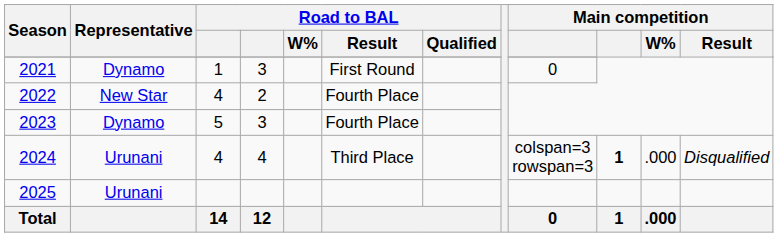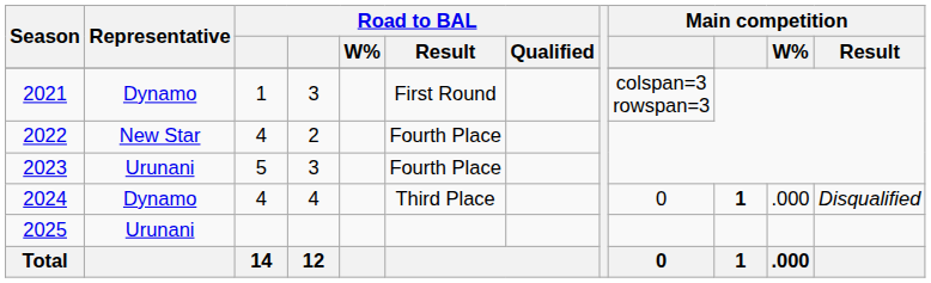 <table class="wikitable" style="text-align:center;">
 <tr>
 <th rowspan="2">Season</th>
 <th rowspan="2">Representative</th>
 <th colspan="5"><a href='#'>Road to BAL</a></th>
 <th rowspan="101"></th>
 <th colspan="4">Main competition</th>
 </tr>
 <tr>
 <th width="35"></th>
 <th width="35"></th>
 <th>W%</th>
 <th>Result</th>
 <th>Qualified</th>
 <th width="35"></th>
 <th width="35"></th>
 <th>W%</th>
 <th>Result</th>
 </tr>
 <tr>
 </tr>
 <tr>
 <td><a href='#'>2021</a></td>
 <td><a href='#'>Dynamo</a></td>
 <td>1</td>
 <td>3</td>
 <td></td>
 <td>First Round</td>
 <td></td>
-<td>0</td>
+<td>colspan=3 rowspan=3 </td>
 </tr>
 <tr>
 <td><a href='#'>2022</a></td>
 <td><a href='#'>New Star</a></td>
 <td>4</td>
 <td>2</td>
 <td></td>
 <td>Fourth Place</td>
 <td></td>
 </tr>
 <tr>
 <td><a href='#'>2023</a></td>
-<td><a href='#'>Dynamo</a></td>
+<td><a href='#'>Urunani</a></td>
 <td>5</td>
 <td>3</td>
 <td></td>
 <td>Fourth Place</td>
 <td></td>
 </tr>
 <tr>
 <td><a href='#'>2024</a></td>
-<td><a href='#'>Urunani</a></td>
+<td><a href='#'>Dynamo</a></td>
 <td>4</td>
 <td>4</td>
 <td></td>
 <td> Third Place</td>
 <td></td>
-<td>colspan=3 rowspan=3 </td>
+<td>0</td>
 <td><strong>1</strong></td>
 <td>.000</td>
 <td><em>Disqualified</em></td>
 </tr>
 <tr>
 <td><a href='#'>2025</a></td>
 <td><a href='#'>Urunani</a></td>
 <td></td>
 <td></td>
 <td></td>
 <td></td>
 <td></td>
 <td></td>
 <td></td>
 <td></td>
 <td></td>
 </tr>
 <tr>
 <th>Total</th>
 <th></th>
 <th>14</th>
 <th>12</th>
 <th></th>
 <th colspan="2"></th>
 <th>0</th>
 <th>1</th>
 <th>.000</th>
 <th></th>
 </tr>
 </table>
